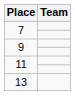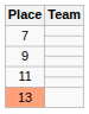 <table class="wikitable" style="text-align:center; padding-bottom:0;">
 <tr>
 <th>Place</th>
 <th style="text-align:left;">Team</th>
 </tr>
 <tr>
 <td rowspan=2>7</td>
 <td align=left></td>
 </tr>
 <tr>
 <td align=left></td>
 </tr>
 <tr>
 <td rowspan=2>9</td>
 <td align=left></td>
 </tr>
 <tr>
 <td align=left></td>
 </tr>
 <tr>
 <td rowspan=2>11</td>
 <td align=left></td>
 </tr>
 <tr>
 <td align=left></td>
 </tr>
 <tr>
-<td>13</td>
+<td style="background: lightsalmon;">13</td>
 <td align=left></td>
 </tr>
 </table>
